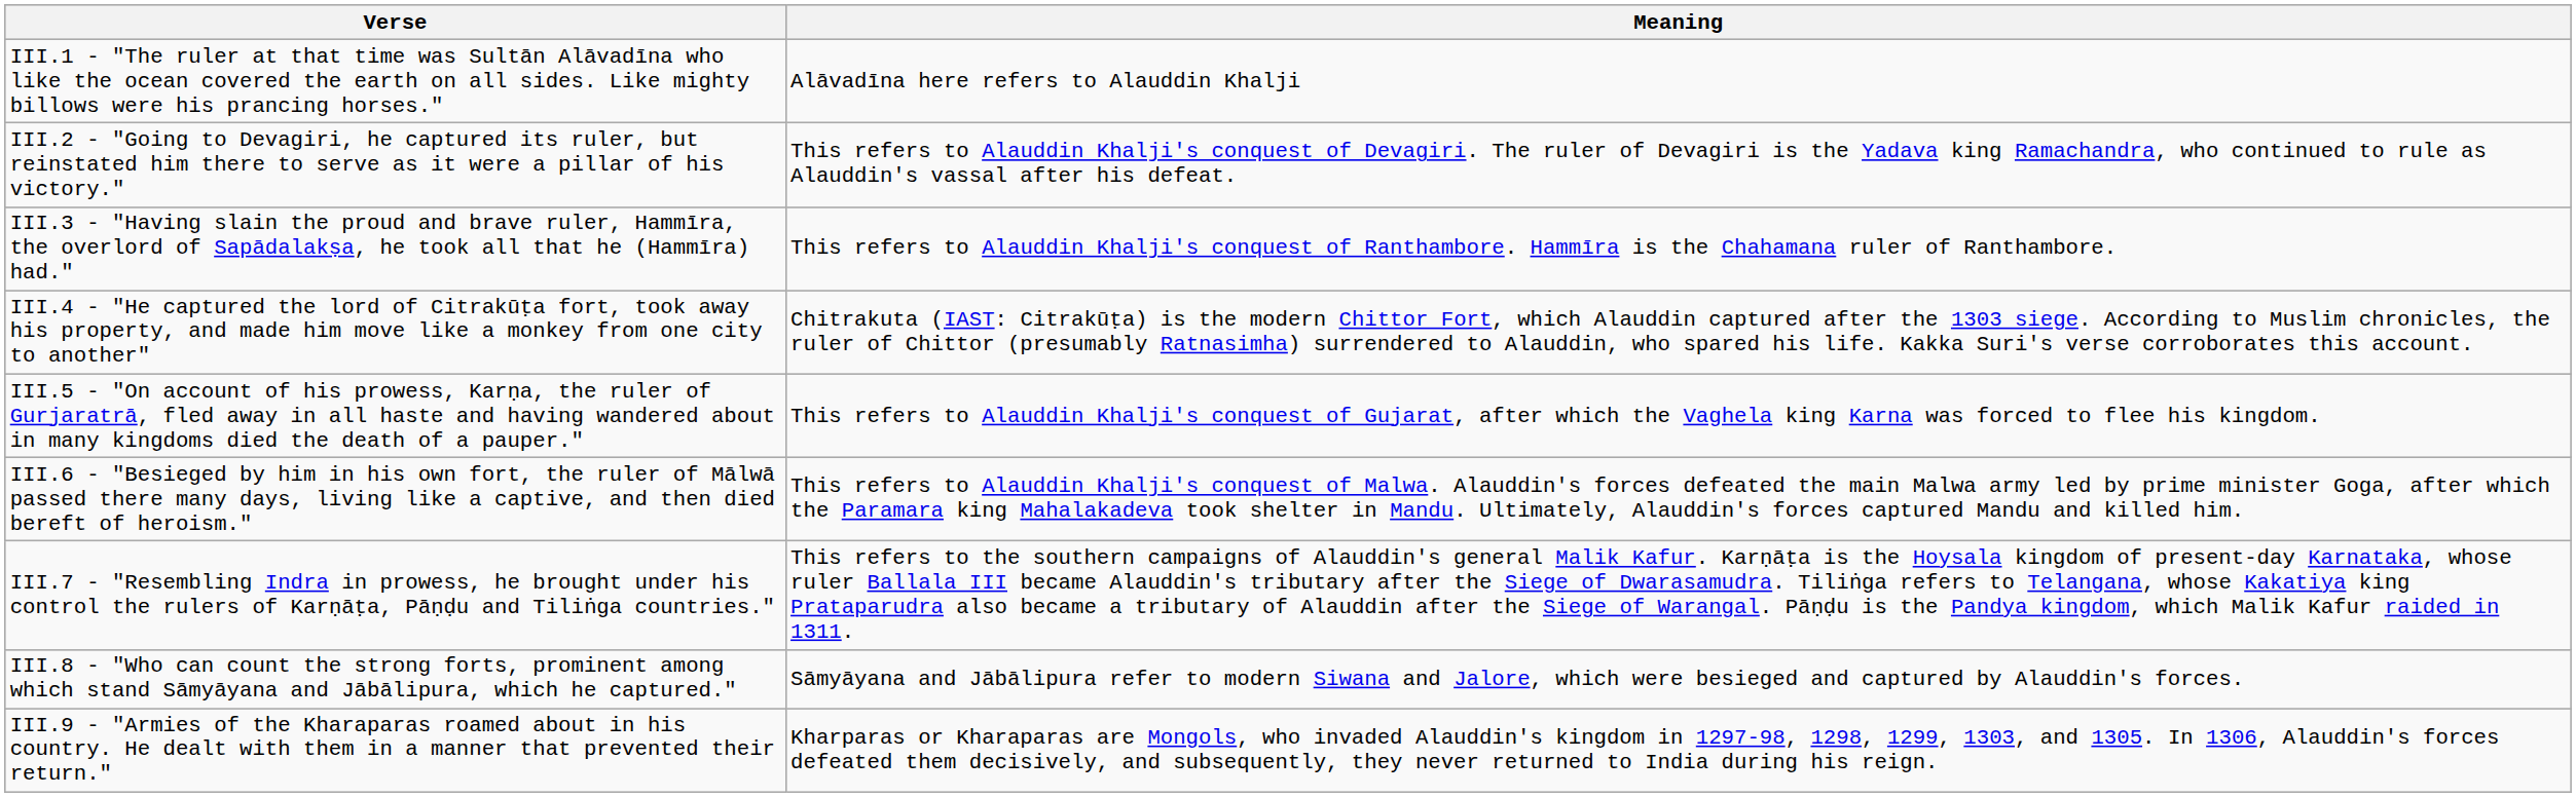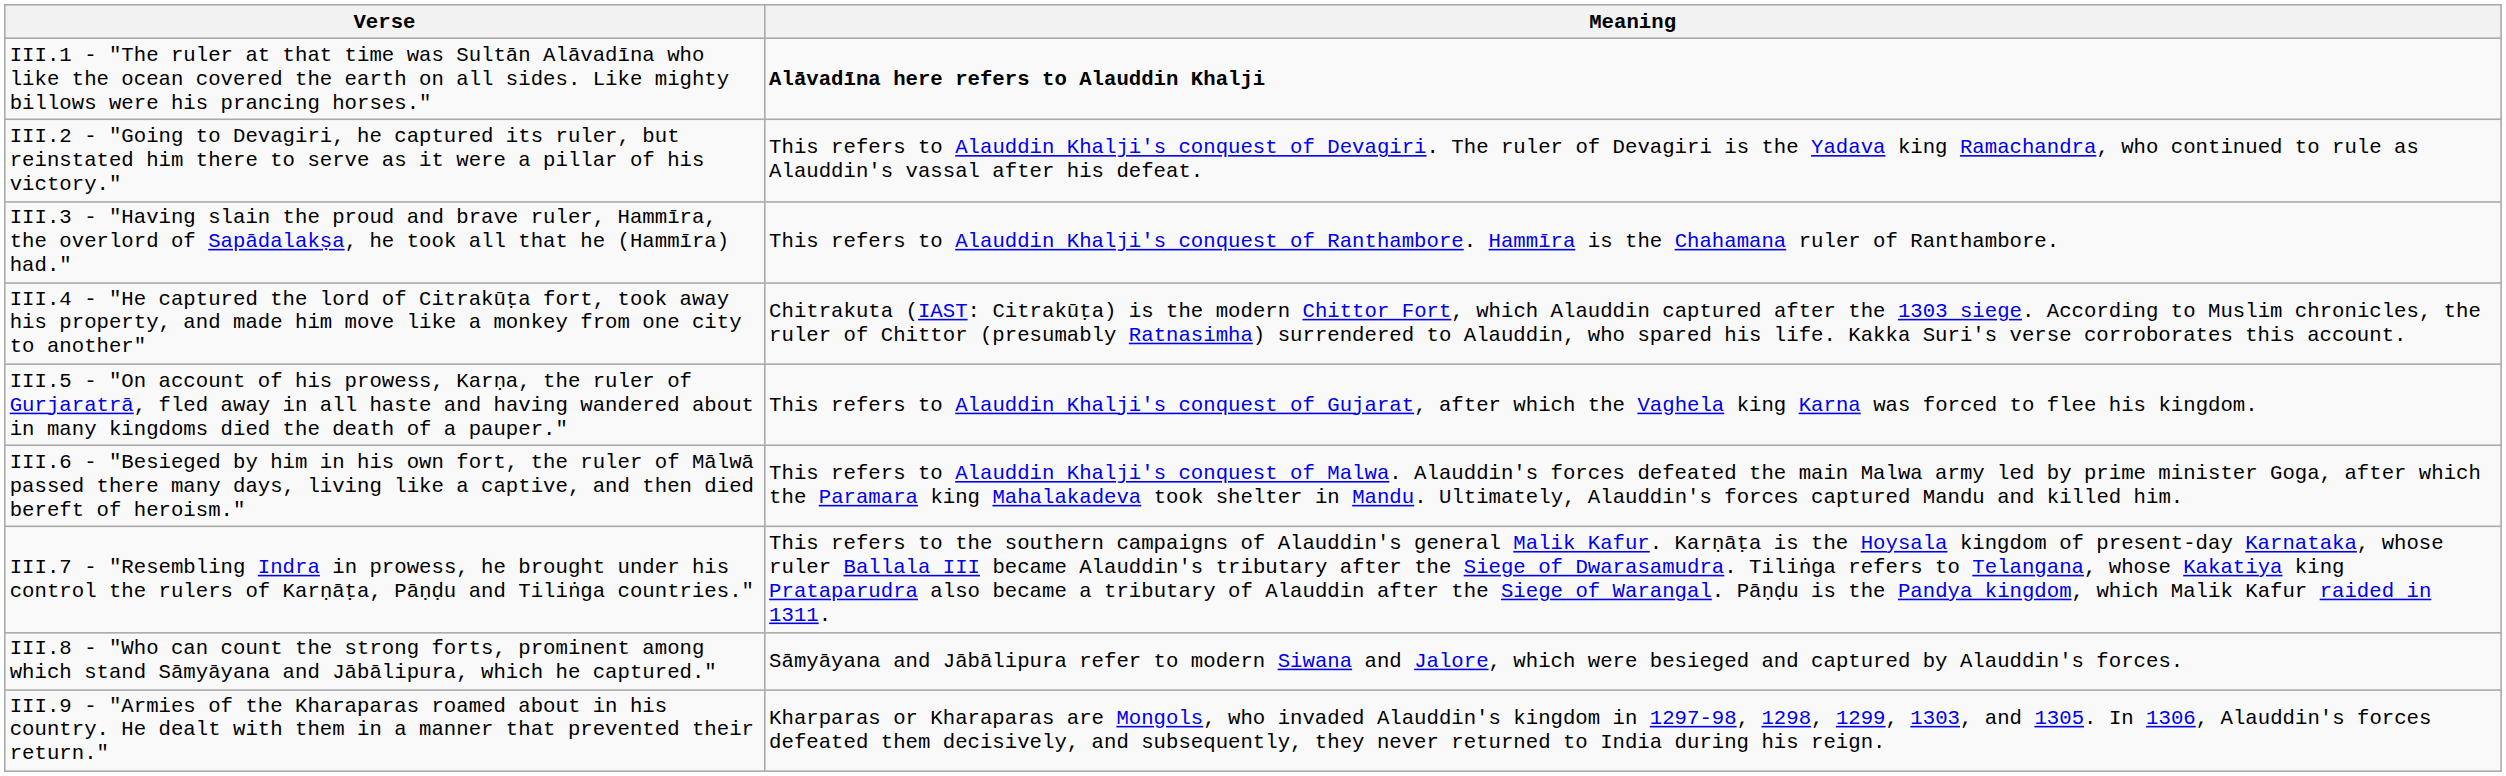 <table class="wikitable">
 <tr>
 <th>Verse</th>
 <th>Meaning</th>
 </tr>
 <tr>
 <td>III.1 - "The ruler at that time was Sultān Alāvadīna who like the ocean covered the earth on all sides. Like mighty billows were his prancing horses."</td>
-<td>Alāvadīna here refers to Alauddin Khalji</td>
+<td><strong>Alāvadīna here refers to Alauddin Khalji</strong></td>
 </tr>
 <tr>
 <td>III.2 - "Going to Devagiri, he captured its ruler, but reinstated him there to serve as it were a pillar of his victory."</td>
 <td>This refers to <a href='#'>Alauddin Khalji's conquest of Devagiri</a>. The ruler of Devagiri is the <a href='#'>Yadava</a> king <a href='#'>Ramachandra</a>, who continued to rule as Alauddin's vassal after his defeat.</td>
 </tr>
 <tr>
 <td>III.3 - "Having slain the proud and brave ruler, Hammīra, the overlord of <a href='#'>Sapādalakṣa</a>, he took all that he (Hammīra) had."</td>
 <td>This refers to <a href='#'>Alauddin Khalji's conquest of Ranthambore</a>. <a href='#'>Hammīra</a> is the <a href='#'>Chahamana</a> ruler of Ranthambore.</td>
 </tr>
 <tr>
 <td>III.4 - "He captured the lord of Citrakūṭa fort, took away his property, and made him move like a monkey from one city to another"</td>
 <td>Chitrakuta (<a href='#'>IAST</a>: Citrakūṭa) is the modern <a href='#'>Chittor Fort</a>, which Alauddin captured after the <a href='#'>1303 siege</a>. According to Muslim chronicles, the ruler of Chittor (presumably <a href='#'>Ratnasimha</a>) surrendered to Alauddin, who spared his life. Kakka Suri's verse corroborates this account.</td>
 </tr>
 <tr>
 <td>III.5 - "On account of his prowess, Karṇa, the ruler of <a href='#'>Gurjaratrā</a>, fled away in all haste and having wandered about in many kingdoms died the death of a pauper."</td>
 <td>This refers to <a href='#'>Alauddin Khalji's conquest of Gujarat</a>, after which the <a href='#'>Vaghela</a> king <a href='#'>Karna</a> was forced to flee his kingdom.</td>
 </tr>
 <tr>
 <td>III.6 - "Besieged by him in his own fort, the ruler of Mālwā passed there many days, living like a captive, and then died bereft of heroism."</td>
 <td>This refers to <a href='#'>Alauddin Khalji's conquest of Malwa</a>. Alauddin's forces defeated the main Malwa army led by prime minister Goga, after which the <a href='#'>Paramara</a> king <a href='#'>Mahalakadeva</a> took shelter in <a href='#'>Mandu</a>. Ultimately, Alauddin's forces captured Mandu and killed him.</td>
 </tr>
 <tr>
 <td>III.7 - "Resembling <a href='#'>Indra</a> in prowess, he brought under his control the rulers of Karṇāṭa, Pāṇḍu and Tiliṅga countries."</td>
 <td>This refers to the southern campaigns of Alauddin's general <a href='#'>Malik Kafur</a>. Karṇāṭa is the <a href='#'>Hoysala</a> kingdom of present-day <a href='#'>Karnataka</a>, whose ruler <a href='#'>Ballala III</a> became Alauddin's tributary after the <a href='#'>Siege of Dwarasamudra</a>. Tiliṅga refers to <a href='#'>Telangana</a>, whose <a href='#'>Kakatiya</a> king <a href='#'>Prataparudra</a> also became a tributary of Alauddin after the <a href='#'>Siege of Warangal</a>. Pāṇḍu is the <a href='#'>Pandya kingdom</a>, which Malik Kafur <a href='#'>raided in 1311</a>.</td>
 </tr>
 <tr>
 <td>III.8 - "Who can count the strong forts, prominent among which stand Sāmyāyana and Jābālipura, which he captured."</td>
 <td>Sāmyāyana and Jābālipura refer to modern <a href='#'>Siwana</a> and <a href='#'>Jalore</a>, which were besieged and captured by Alauddin's forces.</td>
 </tr>
 <tr>
 <td>III.9 - "Armies of the Kharaparas roamed about in his country. He dealt with them in a manner that prevented their return."</td>
 <td>Kharparas or Kharaparas are <a href='#'>Mongols</a>, who invaded Alauddin's kingdom in <a href='#'>1297-98</a>, <a href='#'>1298</a>, <a href='#'>1299</a>, <a href='#'>1303</a>, and <a href='#'>1305</a>. In <a href='#'>1306</a>, Alauddin's forces defeated them decisively, and subsequently, they never returned to India during his reign.</td>
 </tr>
 </table>
